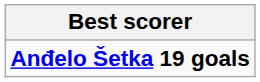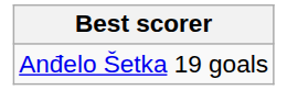 <table class=wikitable style="text-align:center; margin:auto">
 <tr>
 <th>Best scorer</th>
 </tr>
 <tr>
-<td><strong> <a href='#'>Anđelo Šetka</a> 19 goals</strong></td>
+<td> <a href='#'>Anđelo Šetka</a> 19 goals</td>
 </tr>
 </table>
